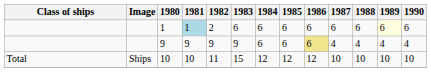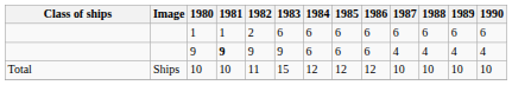 <table class="wikitable sortable collapsible collapsed">
 <tr>
 <th style="width:29%;">Class of ships</th>
 <th>Image</th>
 <th>1980</th>
 <th>1981</th>
 <th>1982</th>
 <th>1983</th>
 <th>1984</th>
 <th>1985</th>
 <th>1986</th>
 <th>1987</th>
 <th>1988</th>
 <th>1989</th>
 <th>1990</th>
 </tr>
 <tr valign="top">
 <td></td>
 <td></td>
 <td>1</td>
-<td style="background: lightblue;">1</td>
+<td>1</td>
 <td>2</td>
 <td>6</td>
 <td>6</td>
 <td>6</td>
 <td>6</td>
 <td>6</td>
 <td>6</td>
-<td style="background: lightyellow;">6</td>
+<td>6</td>
 <td>6</td>
 </tr>
 <tr valign="top">
 <td></td>
 <td></td>
 <td>9</td>
-<td>9</td>
+<td><strong>9</strong></td>
 <td>9</td>
 <td>9</td>
 <td>6</td>
 <td>6</td>
-<td style="background: khaki;">6</td>
+<td>6</td>
 <td>4</td>
 <td>4</td>
 <td>4</td>
 <td>4</td>
 </tr>
 <tr valign="top">
 <td>Total</td>
 <td>Ships</td>
 <td>10</td>
 <td>10</td>
 <td>11</td>
 <td>15</td>
 <td>12</td>
 <td>12</td>
 <td>12</td>
 <td>10</td>
 <td>10</td>
 <td>10</td>
 <td>10</td>
 </tr>
 <tr>
 </tr>
 </table>
